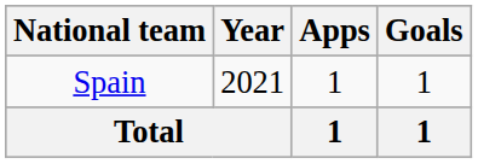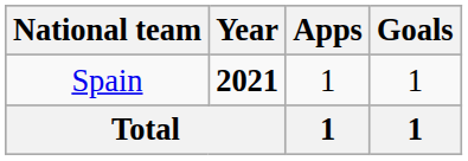 <table class="wikitable" style="text-align:center">
 <tr>
 <th>National team</th>
 <th>Year</th>
 <th>Apps</th>
 <th>Goals</th>
 </tr>
 <tr>
 <td rowspan="1"><a href='#'>Spain</a></td>
-<td>2021</td>
+<td><strong>2021</strong></td>
 <td>1</td>
 <td>1</td>
 </tr>
 <tr>
 <th colspan="2">Total</th>
 <th>1</th>
 <th>1</th>
 </tr>
 </table>
